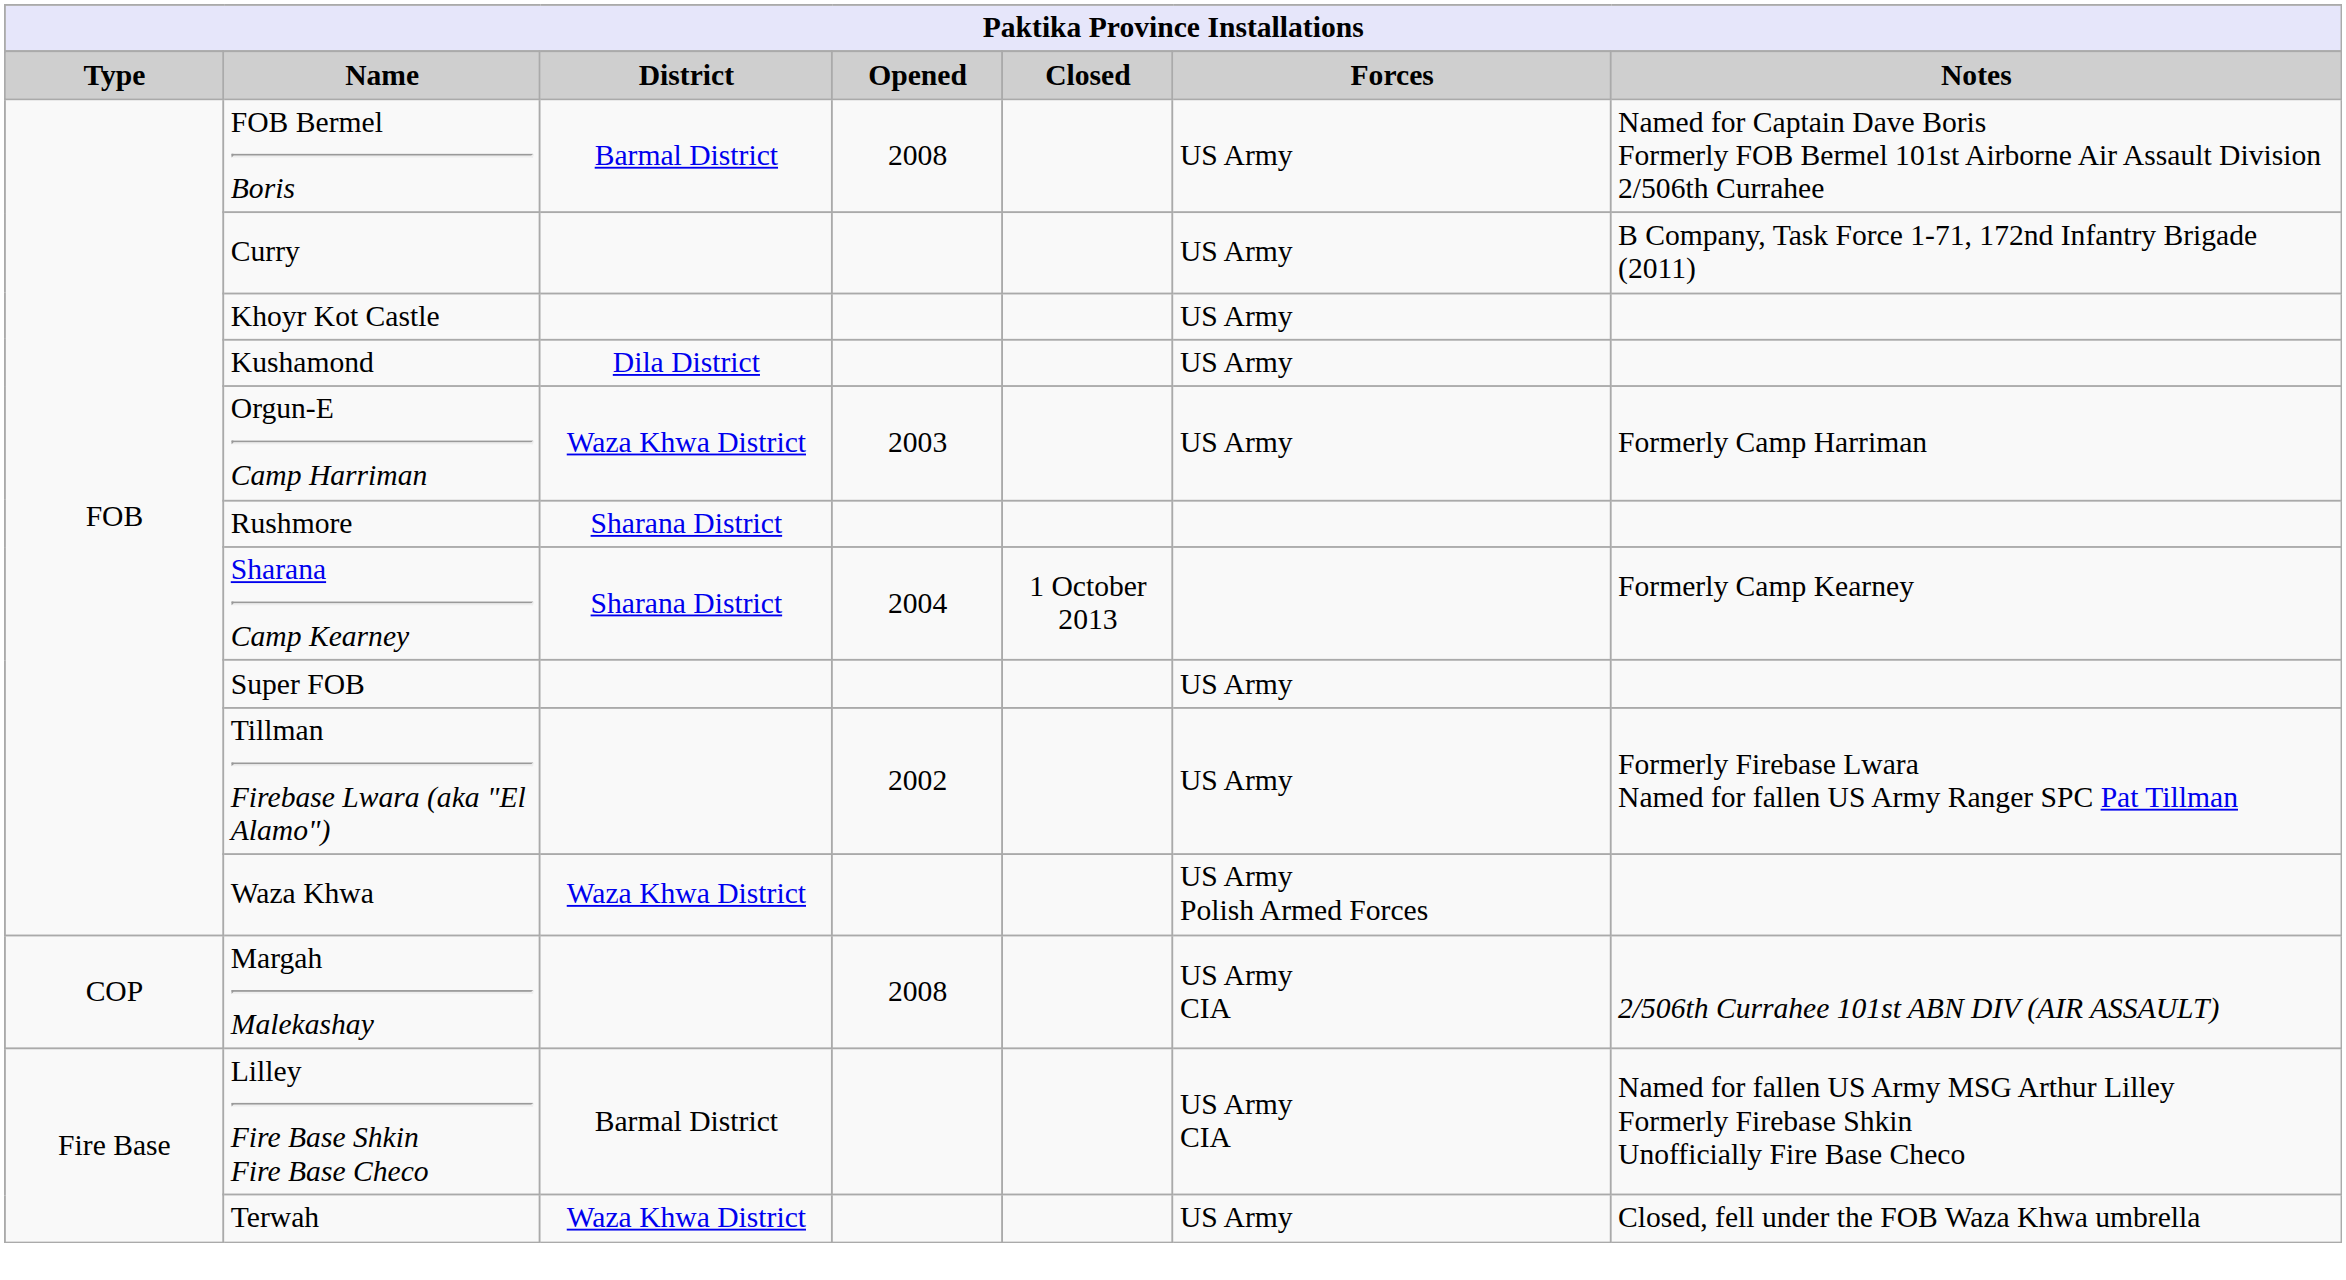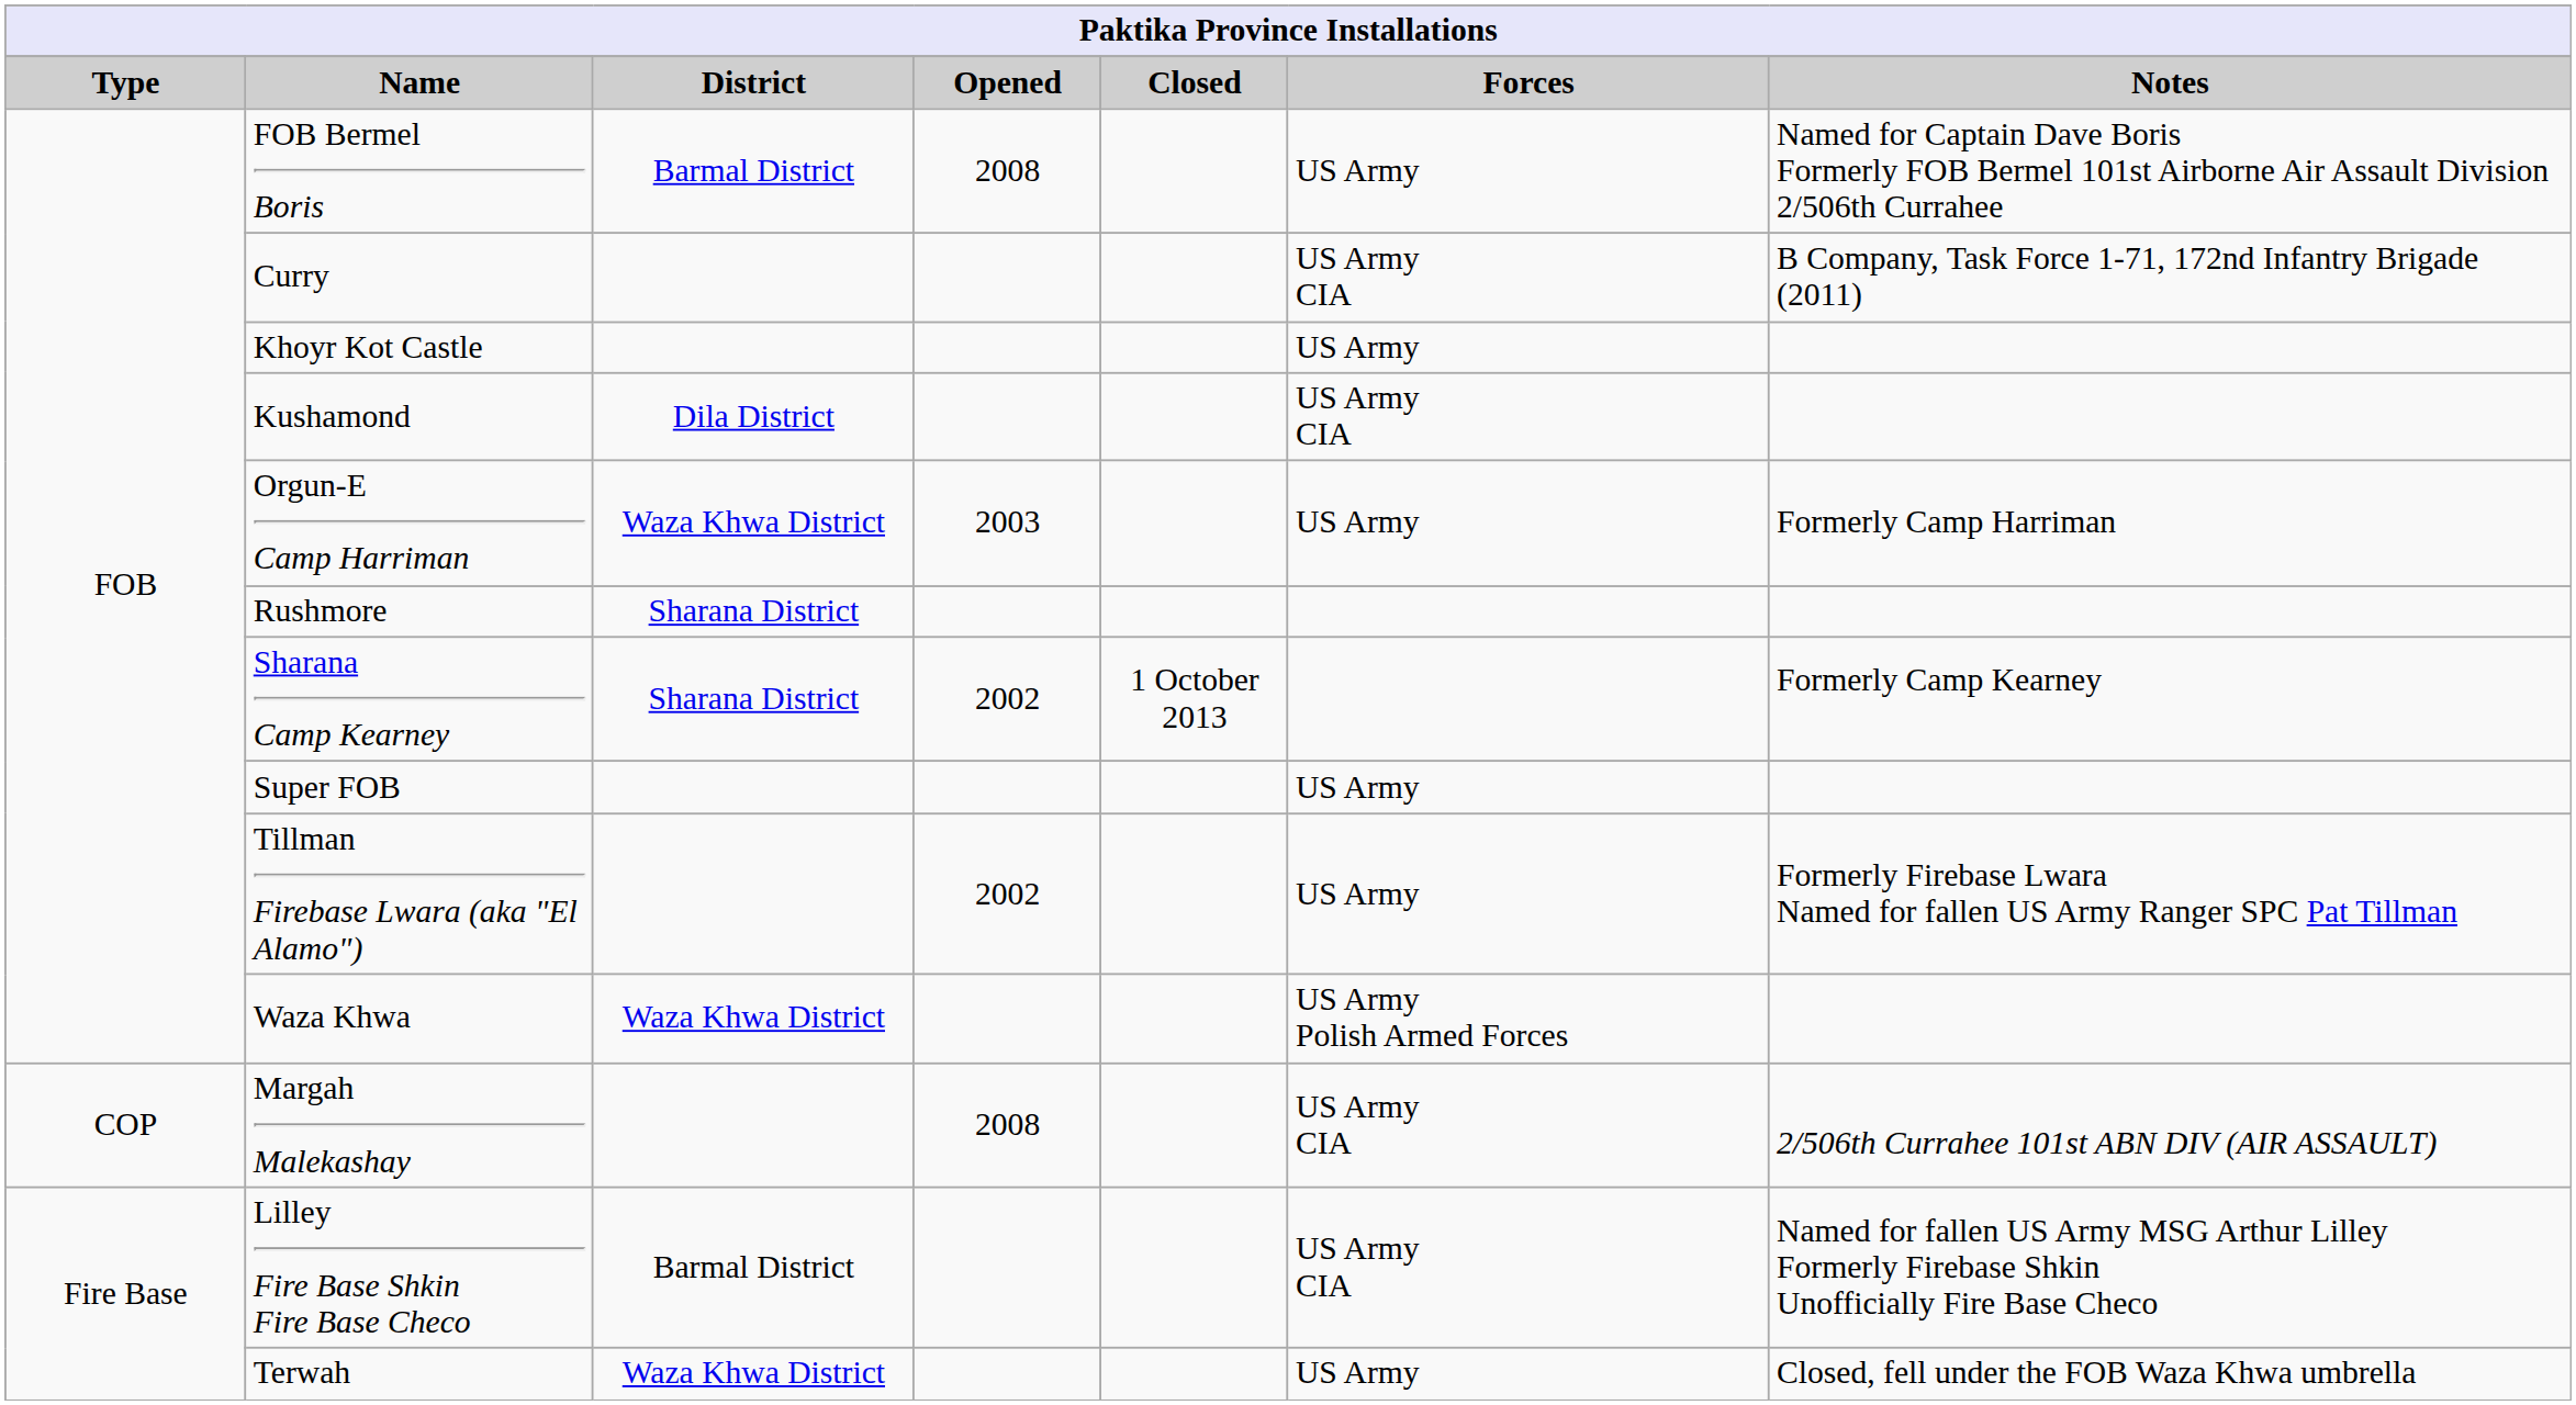 <table class="wikitable sortable" width="100%">
 <tr>
 <th style="align: center; background: lavender" colspan="7"><strong>Paktika Province Installations</strong></th>
 </tr>
 <tr style="background:#efefef; color:black">
 </tr>
 <tr>
 <th style="background-color:#cfcfcf;" align="center" width="9%" align="center">Type</th>
 <th style="background-color:#cfcfcf;" align="center" width="13%">Name</th>
 <th style="background-color:#cfcfcf;" align="center" width="12%">District</th>
 <th style="background-color:#cfcfcf;" align="center" width="7%">Opened</th>
 <th style="background-color:#cfcfcf;" align="center" width="7%">Closed</th>
 <th style="background-color:#cfcfcf;" align="center" width="18%" class="unsortable">Forces</th>
 <th style="background-color:#cfcfcf;" align="center" width="30%" class="unsortable">Notes</th>
 </tr>
 <tr>
 <td rowspan="10" align="center">FOB</td>
 <td>FOB Bermel<hr><em>Boris</em></td>
 <td align="center"><a href='#'>Barmal District</a></td>
 <td align="center">2008</td>
 <td align="center"></td>
 <td> US Army</td>
 <td>Named for Captain Dave Boris<br>Formerly FOB Bermel 101st Airborne Air Assault Division 2/506th Currahee</td>
 </tr>
 <tr>
 <td>Curry</td>
 <td align="center"></td>
 <td align="center"></td>
 <td align="center"></td>
-<td> US Army</td>
+<td> US Army<br> CIA</td>
 <td>B Company, Task Force 1-71, 172nd Infantry Brigade (2011)</td>
 </tr>
 <tr>
 <td>Khoyr Kot Castle</td>
 <td align="center"></td>
 <td align="center"></td>
 <td align="center"></td>
 <td> US Army</td>
 <td></td>
 </tr>
 <tr>
 <td>Kushamond</td>
 <td align="center"><a href='#'>Dila District</a></td>
 <td align="center"></td>
 <td align="center"></td>
-<td> US Army</td>
+<td> US Army<br> CIA</td>
 <td></td>
 </tr>
 <tr>
 <td>Orgun-E<hr><em>Camp Harriman</em></td>
 <td align="center"><a href='#'>Waza Khwa District</a></td>
 <td align="center">2003</td>
 <td align="center"></td>
 <td> US Army</td>
 <td>Formerly Camp Harriman</td>
 </tr>
 <tr>
 <td>Rushmore</td>
 <td align="center"><a href='#'>Sharana District</a></td>
 <td></td>
 <td></td>
 <td></td>
 <td></td>
 </tr>
 <tr>
 <td><a href='#'>Sharana</a><hr><em>Camp Kearney</em></td>
 <td align="center"><a href='#'>Sharana District</a></td>
-<td align="center">2004</td>
+<td align="center">2002</td>
 <td align="center">1 October 2013</td>
 <td></td>
 <td>Formerly Camp Kearney<br><br></td>
 </tr>
 <tr>
 <td>Super FOB</td>
 <td align="center"></td>
 <td align="center"></td>
 <td align="center"></td>
 <td> US Army</td>
 <td></td>
 </tr>
 <tr>
 <td>Tillman<hr><em>Firebase Lwara (aka "El Alamo")</em></td>
 <td align="center"></td>
 <td align="center">2002</td>
 <td align="center"></td>
 <td> US Army</td>
 <td>Formerly Firebase Lwara<br>Named for fallen US Army Ranger SPC <a href='#'>Pat Tillman</a></td>
 </tr>
 <tr>
 <td>Waza Khwa</td>
 <td align="center"><a href='#'>Waza Khwa District</a></td>
 <td align="center"></td>
 <td align="center"></td>
 <td> US Army<br> Polish Armed Forces</td>
 <td></td>
 </tr>
 <tr>
 <td align="center">COP</td>
 <td>Margah<hr><em>Malekashay</em><br></td>
 <td align="center"></td>
 <td align="center">2008</td>
 <td align="center"></td>
 <td> US Army<br> CIA</td>
 <td><br><em>2/506th Currahee 101st ABN DIV (AIR ASSAULT)<br></em></td>
 </tr>
 <tr>
 <td rowspan="2" align="center">Fire Base</td>
 <td>Lilley<hr><em>Fire Base Shkin</em><br><em>Fire Base Checo</em></td>
 <td align="center">Barmal District</td>
 <td align="center"></td>
 <td align="center"></td>
 <td> US Army<br> CIA</td>
 <td>Named for fallen US Army MSG Arthur Lilley<br>Formerly Firebase Shkin<br>Unofficially Fire Base Checo</td>
 </tr>
 <tr>
 <td>Terwah</td>
 <td align="center"><a href='#'>Waza Khwa District</a></td>
 <td align="center"></td>
 <td align="center"></td>
 <td> US Army</td>
 <td>Closed, fell under the FOB Waza Khwa umbrella</td>
 </tr>
 </table>
